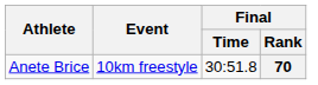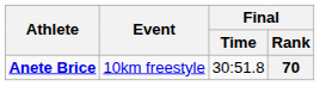 <table class="wikitable">
 <tr>
 <th rowspan="2">Athlete</th>
 <th rowspan="2">Event</th>
 <th colspan="3">Final</th>
 </tr>
 <tr>
 <th>Time</th>
 <th>Rank</th>
 </tr>
 <tr>
-<td><a href='#'>Anete Brice</a></td>
+<td><strong><a href='#'>Anete Brice</a></strong></td>
 <td><a href='#'>10km freestyle</a></td>
 <td align="center">30:51.8</td>
 <th align="center">70</th>
 </tr>
 </table>
